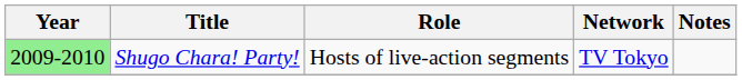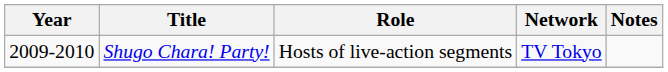 <table class="wikitable sortable">
 <tr>
 <th>Year</th>
 <th>Title</th>
 <th>Role</th>
 <th>Network</th>
 <th class="unsortable">Notes</th>
 </tr>
 <tr>
-<td style="background: lightgreen;">2009-2010</td>
+<td>2009-2010</td>
 <td><em><a href='#'>Shugo Chara! Party!</a></em></td>
 <td>Hosts of live-action segments</td>
 <td><a href='#'>TV Tokyo</a></td>
 <td></td>
 </tr>
 <tr>
 </tr>
 </table>
